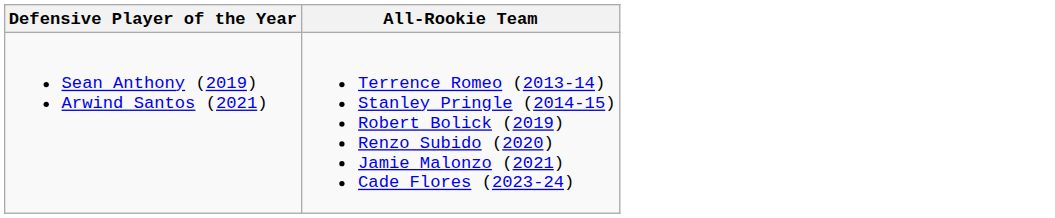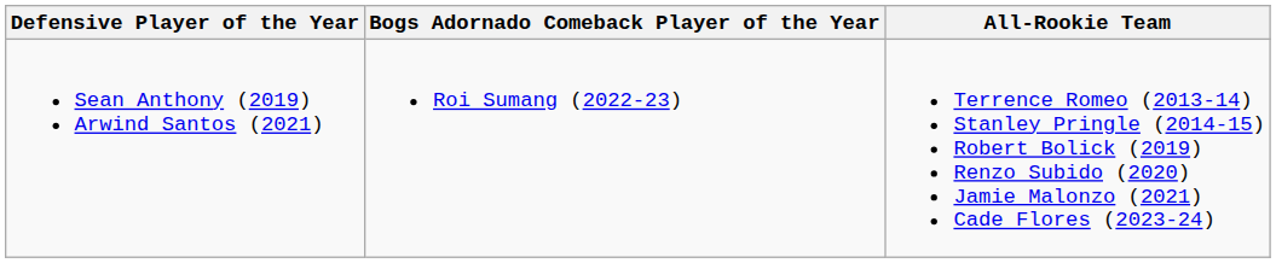 <table class=wikitable>
 <tr>
 <th>Defensive Player of the Year</th>
+<th>Bogs Adornado Comeback Player of the Year</th>
 <th>All-Rookie Team</th>
 </tr>
 <tr>
 <td valign="top"><br><ul><li><a href='#'>Sean Anthony</a> (<a href='#'>2019</a>)</li><li><a href='#'>Arwind Santos</a> (<a href='#'>2021</a>)</li></ul></td>
+<td valign="top"><br><ul><li><a href='#'>Roi Sumang</a> (<a href='#'>2022-23</a>)</li></ul></td>
 <td valign="top"><br><ul><li><a href='#'>Terrence Romeo</a> (<a href='#'>2013-14</a>)</li><li><a href='#'>Stanley Pringle</a> (<a href='#'>2014-15</a>)</li><li><a href='#'>Robert Bolick</a> (<a href='#'>2019</a>)</li><li><a href='#'>Renzo Subido</a> (<a href='#'>2020</a>)</li><li><a href='#'>Jamie Malonzo</a> (<a href='#'>2021</a>)</li><li><a href='#'>Cade Flores</a> (<a href='#'>2023-24</a>)</li></ul></td>
 </tr>
 </table>
